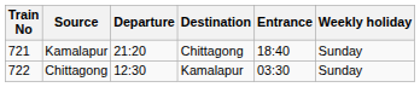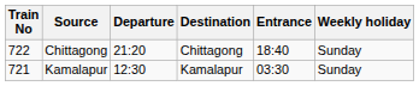 <table class="wikitable">
 <tr>
 <th>Train<br>No</th>
 <th>Source</th>
 <th>Departure</th>
 <th>Destination</th>
 <th>Entrance</th>
 <th>Weekly holiday</th>
 </tr>
 <tr>
-<td>721</td>
-<td>Kamalapur</td>
+<td>722</td>
+<td>Chittagong</td>
 <td>21:20</td>
 <td>Chittagong</td>
 <td>18:40</td>
 <td>Sunday</td>
 </tr>
 <tr>
-<td>722</td>
-<td>Chittagong</td>
+<td>721</td>
+<td>Kamalapur</td>
 <td>12:30</td>
 <td>Kamalapur</td>
 <td>03:30</td>
 <td>Sunday</td>
 </tr>
 </table>
